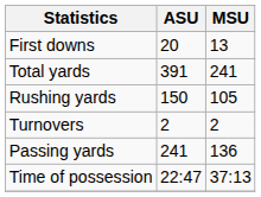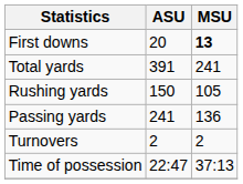 <table class="wikitable" style="float: left;">
 <tr>
 <th>Statistics</th>
 <th>ASU</th>
 <th>MSU</th>
 </tr>
 <tr>
 <td>First downs</td>
 <td>20</td>
-<td>13</td>
+<td><strong>13</strong></td>
 </tr>
 <tr>
 <td>Total yards</td>
 <td>391</td>
 <td>241</td>
 </tr>
 <tr>
 <td>Rushing yards</td>
 <td>150</td>
 <td>105</td>
 </tr>
 <tr>
+<td>Passing yards</td>
+<td>241</td>
+<td>136</td>
+</tr>
+<tr>
 <td>Turnovers</td>
 <td>2</td>
 <td>2</td>
-</tr>
-<tr>
-<td>Passing yards</td>
-<td>241</td>
-<td>136</td>
 </tr>
 <tr>
 <td>Time of possession</td>
 <td>22:47</td>
 <td>37:13</td>
 </tr>
 <tr>
 </tr>
 </table>
